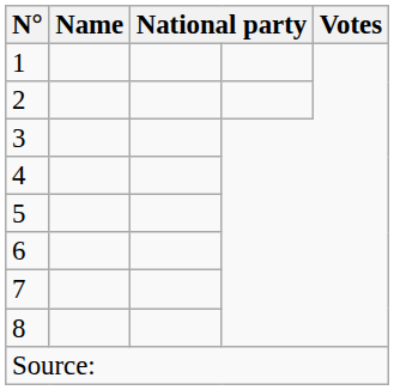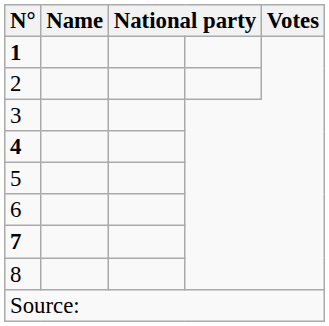 <table class="wikitable sortable" style="font-size:95%;line-height:14px;">
 <tr>
 <th>N°</th>
 <th>Name</th>
 <th colspan="2">National party</th>
 <th>Votes</th>
 </tr>
 <tr>
-<td>1</td>
+<td><strong>1</strong></td>
 <td></td>
 <td></td>
 <td></td>
 </tr>
 <tr>
 <td>2</td>
 <td></td>
 <td></td>
 <td></td>
 </tr>
 <tr>
 <td>3</td>
 <td></td>
 <td></td>
 </tr>
 <tr>
-<td>4</td>
+<td><strong>4</strong></td>
 <td></td>
 <td></td>
 </tr>
 <tr>
 <td>5</td>
 <td></td>
 <td></td>
 </tr>
 <tr>
 <td>6</td>
 <td></td>
 <td></td>
 </tr>
 <tr>
-<td>7</td>
+<td><strong>7</strong></td>
 <td></td>
 <td></td>
 </tr>
 <tr>
 <td>8</td>
 <td></td>
 <td></td>
 </tr>
 <tr>
 <td colspan="5">Source: </td>
 </tr>
 </table>
